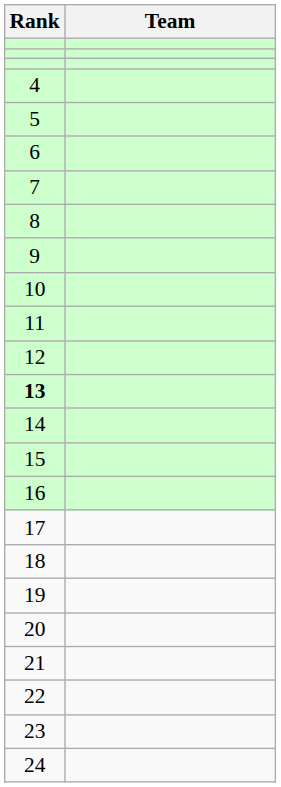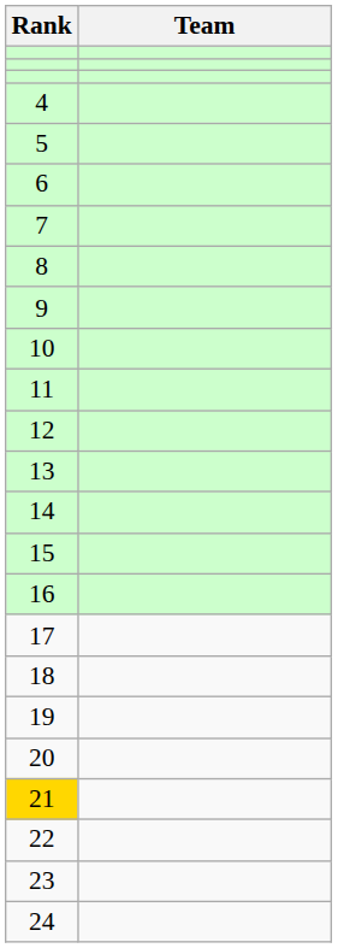 <table class=wikitable style="text-align:center;">
 <tr>
 <th>Rank</th>
 <th width=150>Team</th>
 </tr>
 <tr bgcolor=#ccffcc>
 <td></td>
 <td align=left></td>
 </tr>
 <tr bgcolor=#ccffcc>
 <td></td>
 <td align=left></td>
 </tr>
 <tr bgcolor=#ccffcc>
 <td></td>
 <td align=left></td>
 </tr>
 <tr bgcolor=#ccffcc>
 <td>4</td>
 <td align=left></td>
 </tr>
 <tr bgcolor=#ccffcc>
 <td>5</td>
 <td align=left></td>
 </tr>
 <tr bgcolor=#ccffcc>
 <td>6</td>
 <td align=left></td>
 </tr>
 <tr bgcolor=#ccffcc>
 <td>7</td>
 <td align=left></td>
 </tr>
 <tr bgcolor=#ccffcc>
 <td>8</td>
 <td align=left></td>
 </tr>
 <tr bgcolor=#ccffcc>
 <td>9</td>
 <td align=left></td>
 </tr>
 <tr bgcolor=#ccffcc>
 <td>10</td>
 <td align=left></td>
 </tr>
 <tr bgcolor=#ccffcc>
 <td>11</td>
 <td align=left></td>
 </tr>
 <tr bgcolor=#ccffcc>
 <td>12</td>
 <td align=left></td>
 </tr>
 <tr bgcolor=#ccffcc>
-<td><strong>13</strong></td>
+<td>13</td>
 <td align=left></td>
 </tr>
 <tr bgcolor=#ccffcc>
 <td>14</td>
 <td align=left></td>
 </tr>
 <tr bgcolor=#ccffcc>
 <td>15</td>
 <td align=left></td>
 </tr>
 <tr bgcolor=#ccffcc>
 <td>16</td>
 <td align=left></td>
 </tr>
 <tr>
 <td>17</td>
 <td align=left></td>
 </tr>
 <tr>
 <td>18</td>
 <td align=left></td>
 </tr>
 <tr>
 <td>19</td>
 <td align=left></td>
 </tr>
 <tr>
 <td>20</td>
 <td align=left></td>
 </tr>
 <tr>
-<td>21</td>
+<td style="background: gold;">21</td>
 <td align=left></td>
 </tr>
 <tr>
 <td>22</td>
 <td align=left></td>
 </tr>
 <tr>
 <td>23</td>
 <td align=left></td>
 </tr>
 <tr>
 <td>24</td>
 <td align=left></td>
 </tr>
 </table>
